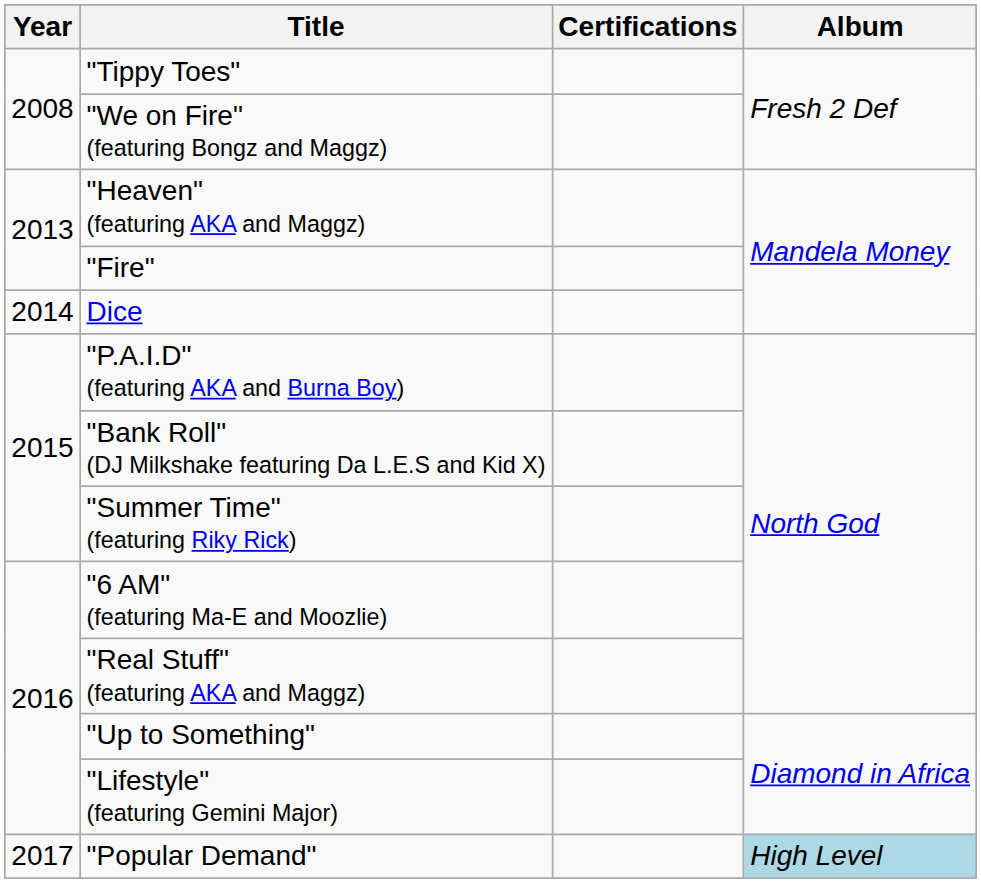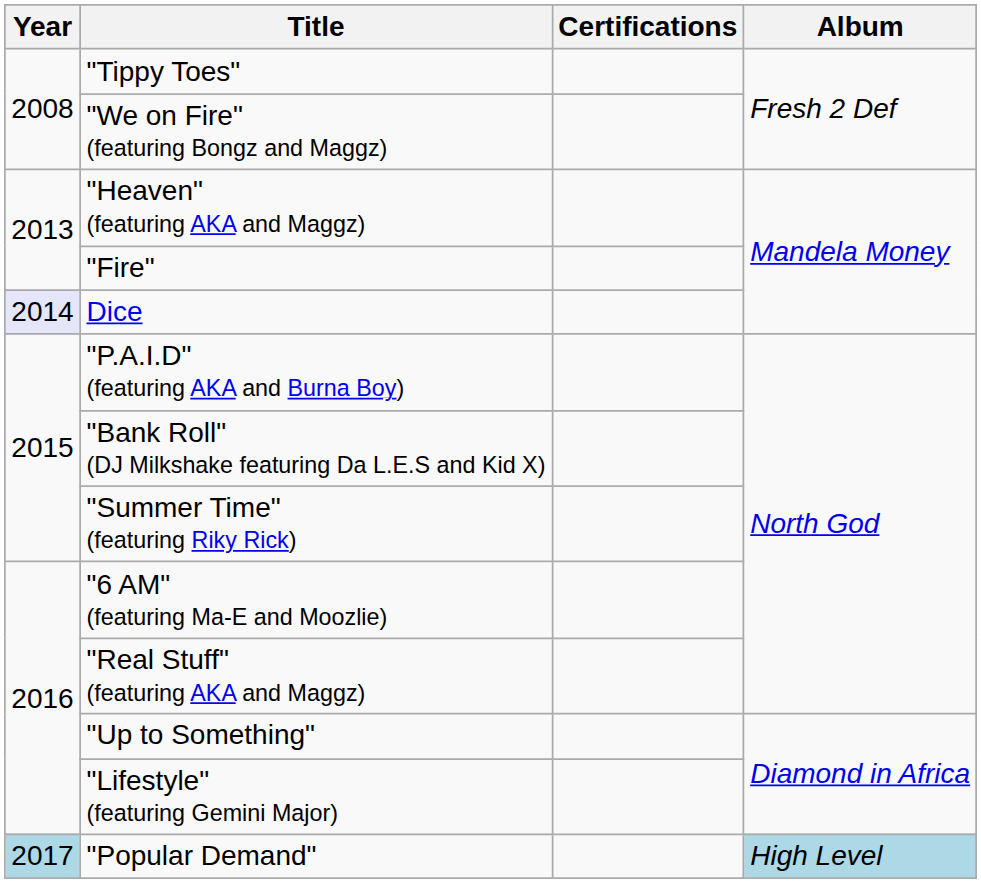 <table class="wikitable">
 <tr>
 <th>Year</th>
 <th>Title</th>
 <th>Certifications</th>
 <th>Album</th>
 </tr>
 <tr>
 <td rowspan="2">2008</td>
 <td>"Tippy Toes"</td>
 <td></td>
 <td rowspan="2"><em>Fresh 2 Def</em></td>
 </tr>
 <tr>
 <td>"We on Fire"<br><small>(featuring Bongz and Maggz)</small></td>
 <td></td>
 </tr>
 <tr>
 <td rowspan="2">2013</td>
 <td>"Heaven"<br><small>(featuring <a href='#'>AKA</a> and Maggz)</small></td>
 <td></td>
 <td rowspan="3"><em><a href='#'>Mandela Money</a></em></td>
 </tr>
 <tr>
 <td>"Fire"</td>
 <td></td>
 </tr>
 <tr>
-<td>2014</td>
+<td style="background: lavender;">2014</td>
 <td><a href='#'>Dice</a></td>
 <td></td>
 </tr>
 <tr>
 <td rowspan="3">2015</td>
 <td>"P.A.I.D"<br><small>(featuring <a href='#'>AKA</a> and <a href='#'>Burna Boy</a>)</small></td>
 <td></td>
 <td rowspan="5"><em><a href='#'>North God</a></em></td>
 </tr>
 <tr>
 <td>"Bank Roll"<br><small>(DJ Milkshake featuring Da L.E.S and Kid X)</small></td>
 <td></td>
 </tr>
 <tr>
 <td>"Summer Time"<br><small>(featuring <a href='#'>Riky Rick</a>)</small></td>
 <td></td>
 </tr>
 <tr>
 <td rowspan="4">2016</td>
 <td>"6 AM"<br><small>(featuring Ma-E and Moozlie)</small></td>
 <td></td>
 </tr>
 <tr>
 <td>"Real Stuff"<br><small>(featuring <a href='#'>AKA</a> and Maggz)</small></td>
 <td></td>
 </tr>
 <tr>
 <td>"Up to Something"</td>
 <td></td>
 <td rowspan="2"><em><a href='#'>Diamond in Africa</a></em></td>
 </tr>
 <tr>
 <td>"Lifestyle"<br><small>(featuring Gemini Major)</small></td>
 <td></td>
 </tr>
 <tr>
-<td>2017</td>
+<td style="background: lightblue;">2017</td>
 <td>"Popular Demand"</td>
 <td></td>
 <td style="background: lightblue;"><em>High Level</em></td>
 </tr>
 </table>
